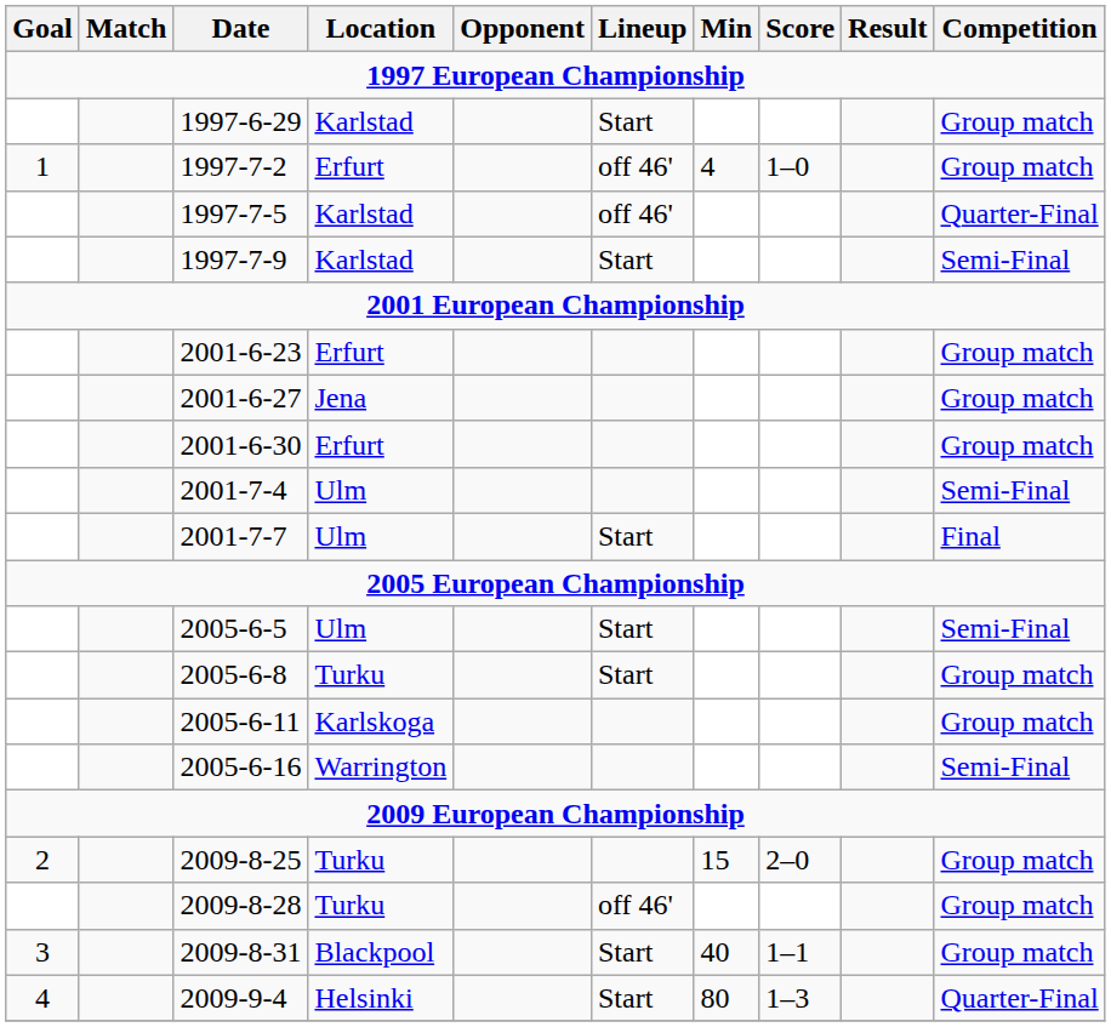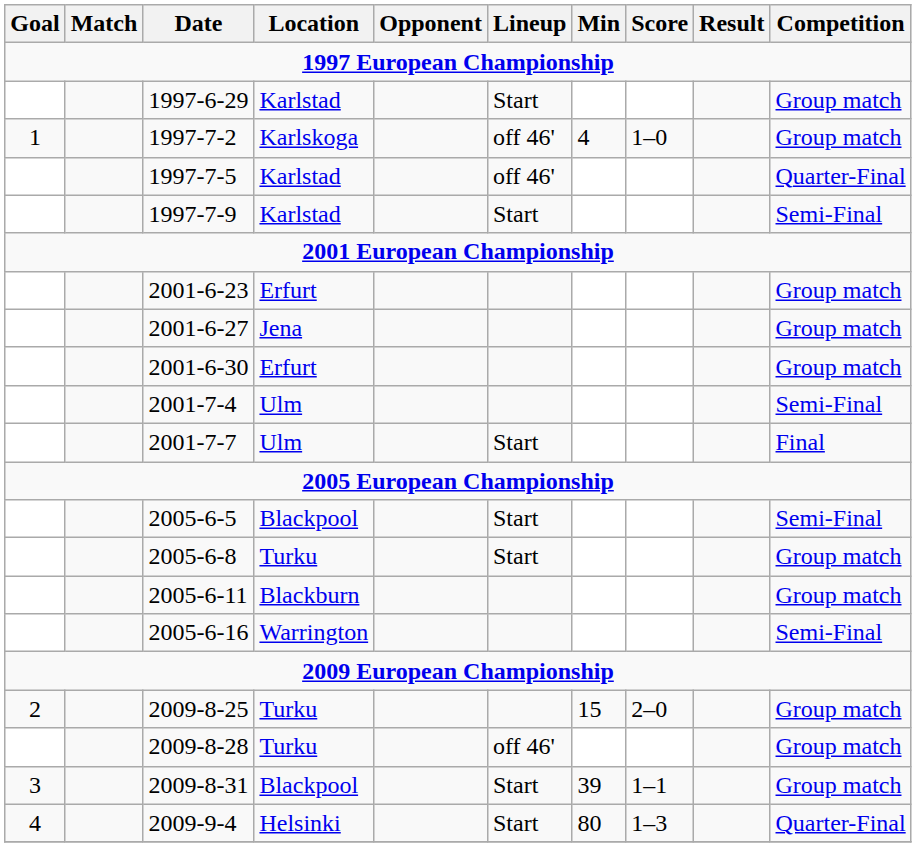 <table class="wikitable collapsible" style="fontsize:90%;">
 <tr>
 <th>Goal</th>
 <th>Match</th>
 <th>Date</th>
 <th>Location</th>
 <th>Opponent</th>
 <th>Lineup</th>
 <th>Min</th>
 <th>Score</th>
 <th>Result</th>
 <th>Competition</th>
 </tr>
 <tr>
 <td colspan=10 align=center><strong><a href='#'>1997 European Championship</a></strong></td>
 </tr>
 <tr>
 <td style="background:white;"></td>
 <td></td>
 <td>1997-6-29</td>
 <td><a href='#'>Karlstad</a></td>
 <td></td>
 <td>Start</td>
 <td style="background:white;"></td>
 <td style="background:white;"></td>
 <td></td>
 <td><a href='#'>Group match</a></td>
 </tr>
 <tr>
 <td align=center>1</td>
 <td></td>
 <td>1997-7-2</td>
-<td><a href='#'>Erfurt</a></td>
+<td><a href='#'>Karlskoga</a></td>
 <td></td>
 <td>off 46'</td>
 <td>4</td>
 <td>1–0</td>
 <td></td>
 <td><a href='#'>Group match</a></td>
 </tr>
 <tr>
 <td style="background:white;"></td>
 <td></td>
 <td>1997-7-5</td>
 <td><a href='#'>Karlstad</a></td>
 <td></td>
 <td>off 46'</td>
 <td style="background:white;"></td>
 <td style="background:white;"></td>
 <td></td>
 <td><a href='#'>Quarter-Final</a></td>
 </tr>
 <tr>
 <td style="background:white;"></td>
 <td></td>
 <td>1997-7-9</td>
 <td><a href='#'>Karlstad</a></td>
 <td></td>
 <td>Start</td>
 <td style="background:white;"></td>
 <td style="background:white;"></td>
 <td></td>
 <td><a href='#'>Semi-Final</a></td>
 </tr>
 <tr>
 <td colspan=10 align=center><strong><a href='#'>2001 European Championship</a></strong></td>
 </tr>
 <tr>
 <td style="background:white;"></td>
 <td></td>
 <td>2001-6-23</td>
 <td><a href='#'>Erfurt</a></td>
 <td></td>
 <td></td>
 <td style="background:white;"></td>
 <td style="background:white;"></td>
 <td></td>
 <td><a href='#'>Group match</a></td>
 </tr>
 <tr>
 <td style="background:white;"></td>
 <td></td>
 <td>2001-6-27</td>
 <td><a href='#'>Jena</a></td>
 <td></td>
 <td></td>
 <td style="background:white;"></td>
 <td style="background:white;"></td>
 <td></td>
 <td><a href='#'>Group match</a></td>
 </tr>
 <tr>
 <td style="background:white;"></td>
 <td></td>
 <td>2001-6-30</td>
 <td><a href='#'>Erfurt</a></td>
 <td></td>
 <td></td>
 <td style="background:white;"></td>
 <td style="background:white;"></td>
 <td></td>
 <td><a href='#'>Group match</a></td>
 </tr>
 <tr>
 <td style="background:white;"></td>
 <td></td>
 <td>2001-7-4</td>
 <td><a href='#'>Ulm</a></td>
 <td></td>
 <td></td>
 <td style="background:white;"></td>
 <td style="background:white;"></td>
 <td></td>
 <td><a href='#'>Semi-Final</a></td>
 </tr>
 <tr>
 <td style="background:white;"></td>
 <td></td>
 <td>2001-7-7</td>
 <td><a href='#'>Ulm</a></td>
 <td></td>
 <td>Start</td>
 <td style="background:white;"></td>
 <td style="background:white;"></td>
 <td></td>
 <td><a href='#'>Final</a></td>
 </tr>
 <tr>
 <td colspan=10 align=center><strong><a href='#'>2005 European Championship</a></strong></td>
 </tr>
 <tr>
 <td style="background:white;"></td>
 <td></td>
 <td>2005-6-5</td>
-<td><a href='#'>Ulm</a></td>
+<td><a href='#'>Blackpool</a></td>
 <td></td>
 <td>Start</td>
 <td style="background:white;"></td>
 <td style="background:white;"></td>
 <td></td>
 <td><a href='#'>Semi-Final</a></td>
 </tr>
 <tr>
 <td style="background:white;"></td>
 <td></td>
 <td>2005-6-8</td>
 <td><a href='#'>Turku</a></td>
 <td></td>
 <td>Start</td>
 <td style="background:white;"></td>
 <td style="background:white;"></td>
 <td></td>
 <td><a href='#'>Group match</a></td>
 </tr>
 <tr>
 <td style="background:white;"></td>
 <td></td>
 <td>2005-6-11</td>
-<td><a href='#'>Karlskoga</a></td>
+<td><a href='#'>Blackburn</a></td>
 <td></td>
 <td></td>
 <td style="background:white;"></td>
 <td style="background:white;"></td>
 <td></td>
 <td><a href='#'>Group match</a></td>
 </tr>
 <tr>
 <td style="background:white;"></td>
 <td></td>
 <td>2005-6-16</td>
 <td><a href='#'>Warrington</a></td>
 <td></td>
 <td></td>
 <td style="background:white;"></td>
 <td style="background:white;"></td>
 <td></td>
 <td><a href='#'>Semi-Final</a></td>
 </tr>
 <tr>
 <td colspan=10 align=center><strong><a href='#'>2009 European Championship</a></strong></td>
 </tr>
 <tr>
 <td align=center>2</td>
 <td></td>
 <td>2009-8-25</td>
 <td><a href='#'>Turku</a></td>
 <td></td>
 <td></td>
 <td>15</td>
 <td>2–0</td>
 <td></td>
 <td><a href='#'>Group match</a></td>
 </tr>
 <tr>
 <td style="background:white;"></td>
 <td></td>
 <td>2009-8-28</td>
 <td><a href='#'>Turku</a></td>
 <td></td>
 <td>off 46'</td>
 <td style="background:white;"></td>
 <td style="background:white;"></td>
 <td></td>
 <td><a href='#'>Group match</a></td>
 </tr>
 <tr>
 <td align=center>3</td>
 <td></td>
 <td>2009-8-31</td>
 <td><a href='#'>Blackpool</a></td>
 <td></td>
 <td>Start</td>
-<td>40</td>
+<td>39</td>
 <td>1–1</td>
 <td></td>
 <td><a href='#'>Group match</a></td>
 </tr>
 <tr>
 <td align=center>4</td>
 <td></td>
 <td>2009-9-4</td>
 <td><a href='#'>Helsinki</a></td>
 <td></td>
 <td>Start</td>
 <td>80</td>
 <td>1–3</td>
 <td></td>
 <td><a href='#'>Quarter-Final</a></td>
 </tr>
 <tr>
 </tr>
 </table>
